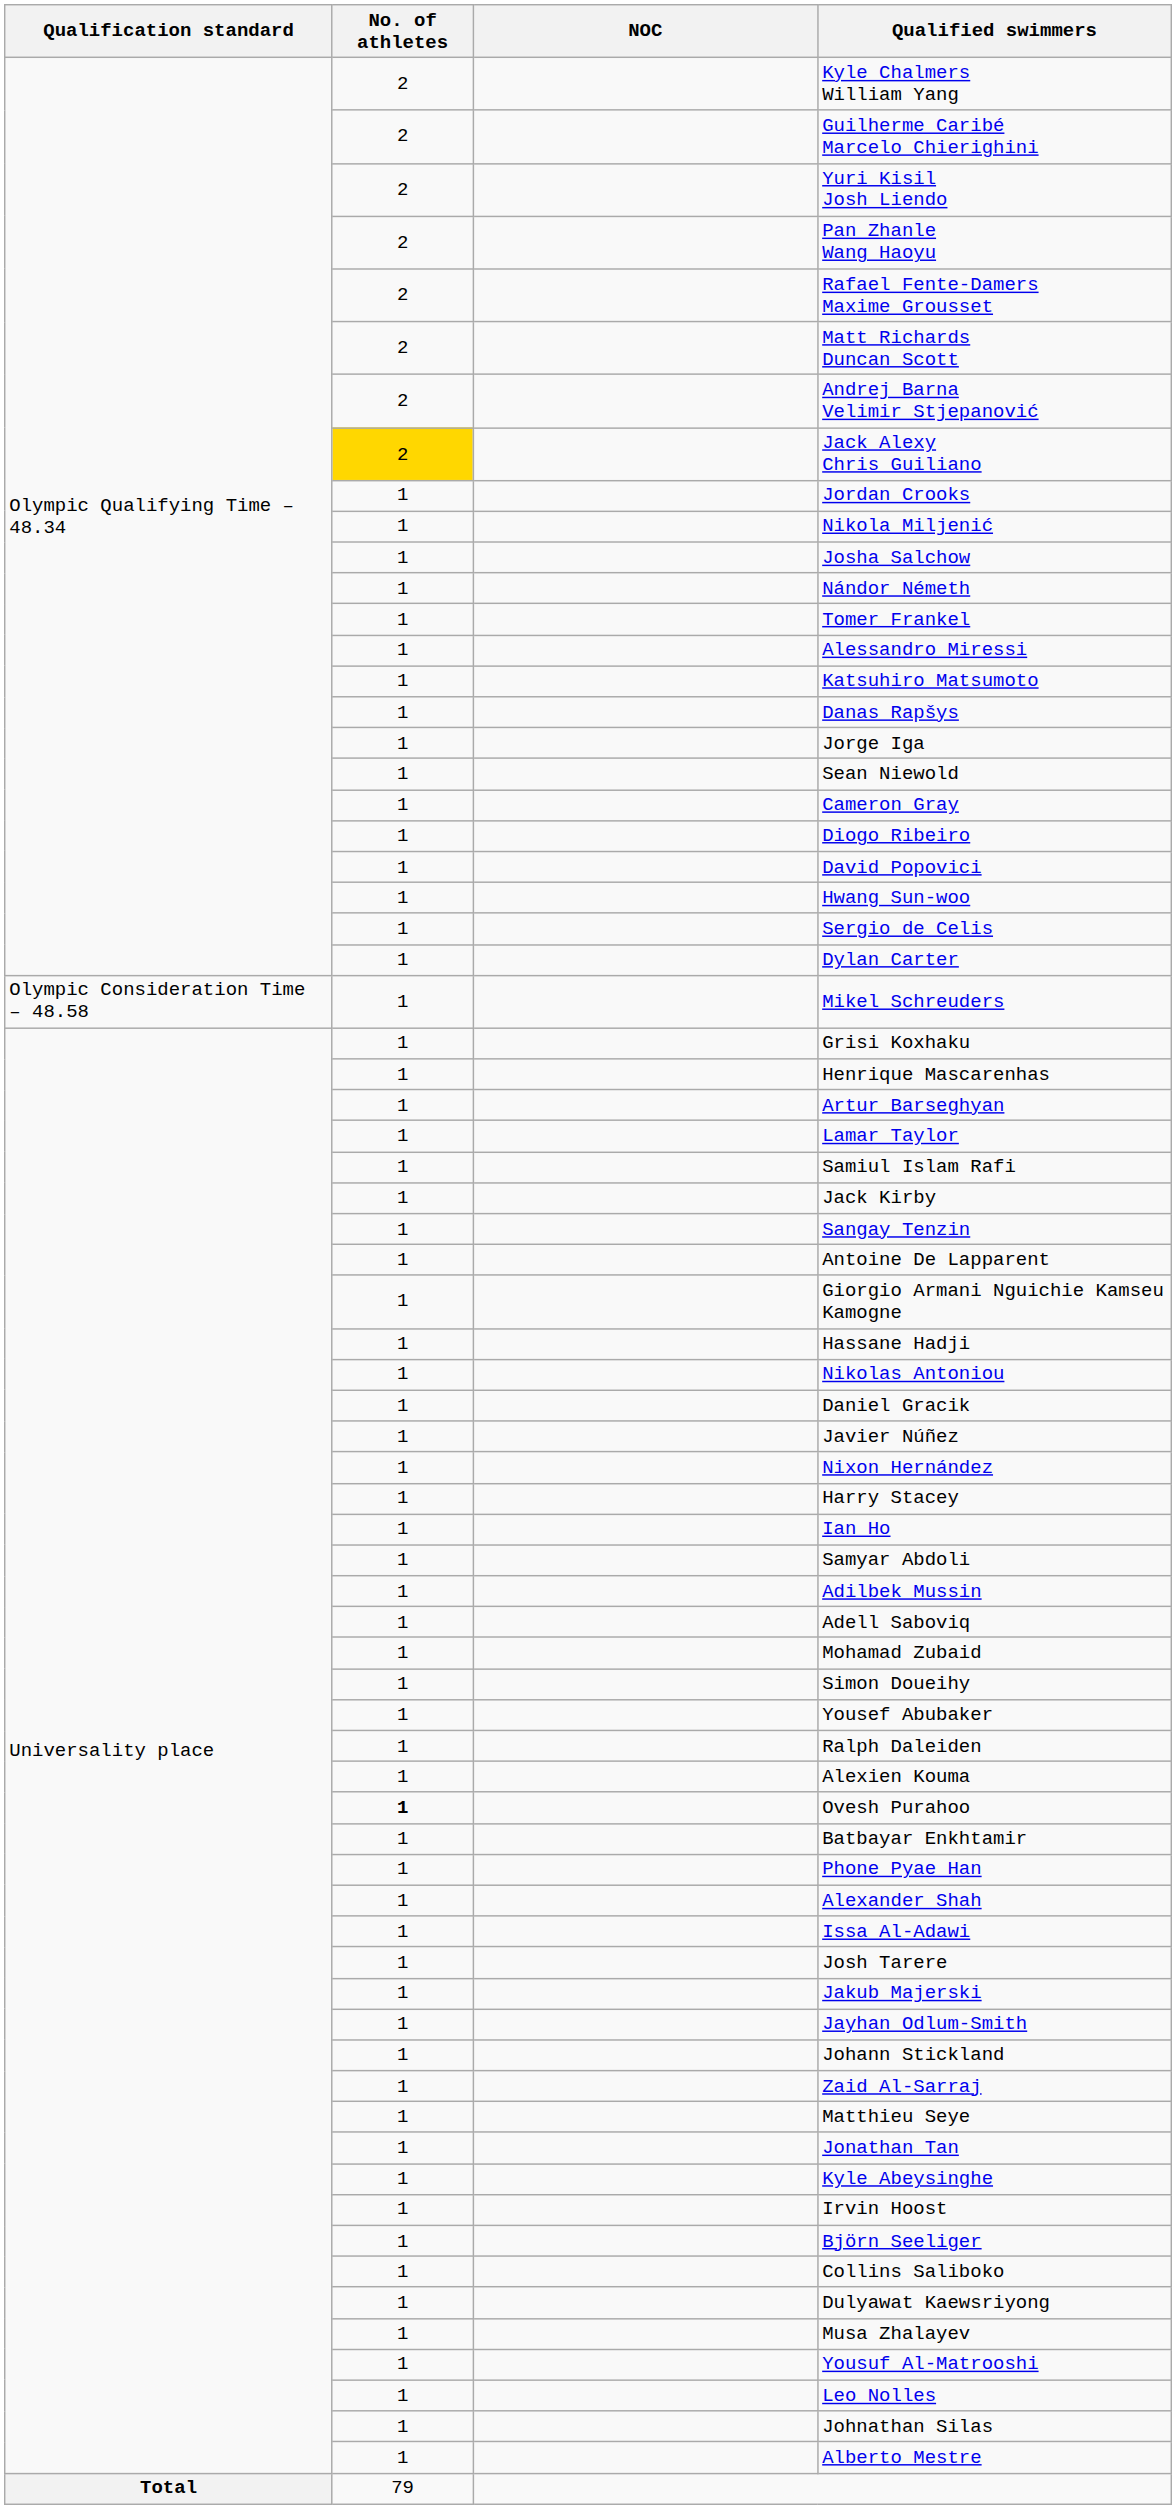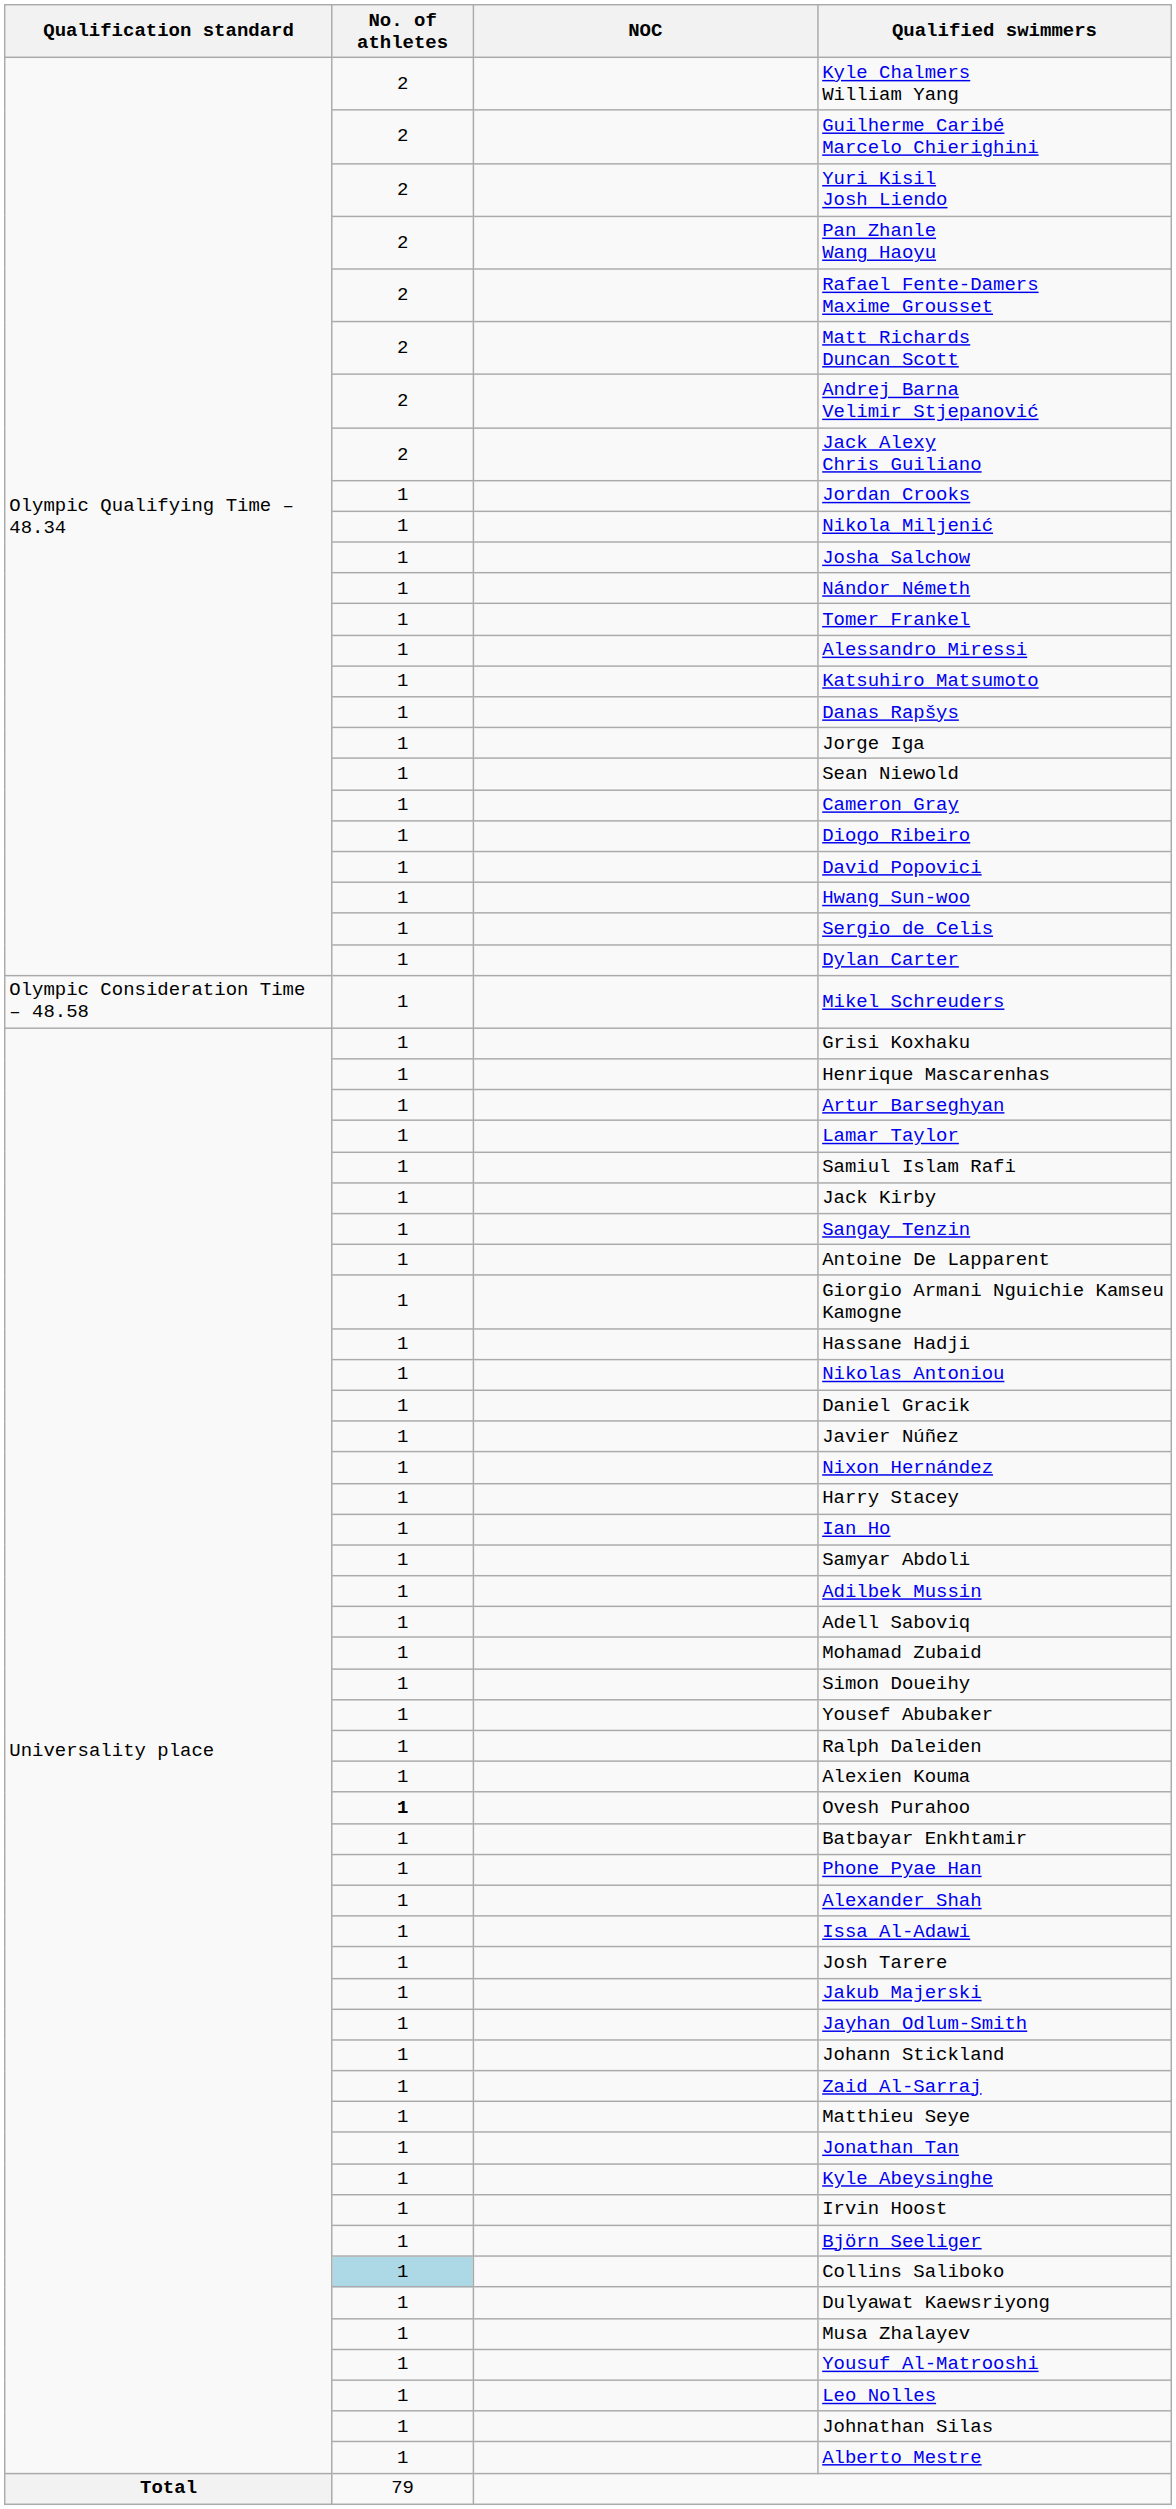 <table class=wikitable style="text-align:left" width=800>
 <tr>
 <th scope="col">Qualification standard</th>
 <th scope="col" width =90>No. of athletes</th>
 <th scope="col" width =230>NOC</th>
 <th scope="col">Qualified swimmers</th>
 </tr>
 <tr>
 <td rowspan=24>Olympic Qualifying Time – 48.34</td>
 <td align=center>2</td>
 <td></td>
 <td><a href='#'>Kyle Chalmers</a><br>William Yang</td>
 </tr>
 <tr>
 <td align=center>2</td>
 <td></td>
 <td><a href='#'>Guilherme Caribé</a><br><a href='#'>Marcelo Chierighini</a></td>
 </tr>
 <tr>
 <td align=center>2</td>
 <td></td>
 <td><a href='#'>Yuri Kisil</a><br><a href='#'>Josh Liendo</a></td>
 </tr>
 <tr>
 <td align=center>2</td>
 <td></td>
 <td><a href='#'>Pan Zhanle</a><br><a href='#'>Wang Haoyu</a></td>
 </tr>
 <tr>
 <td align=center>2</td>
 <td></td>
 <td><a href='#'>Rafael Fente-Damers</a><br><a href='#'>Maxime Grousset</a></td>
 </tr>
 <tr>
 <td align=center>2</td>
 <td></td>
 <td><a href='#'>Matt Richards</a><br><a href='#'>Duncan Scott</a></td>
 </tr>
 <tr>
 <td align=center>2</td>
 <td></td>
 <td><a href='#'>Andrej Barna</a><br><a href='#'>Velimir Stjepanović</a></td>
 </tr>
 <tr>
-<td align=center style="background: gold;">2</td>
+<td align=center>2</td>
 <td></td>
 <td><a href='#'>Jack Alexy</a><br><a href='#'>Chris Guiliano</a></td>
 </tr>
 <tr>
 <td align=center>1</td>
 <td></td>
 <td><a href='#'>Jordan Crooks</a></td>
 </tr>
 <tr>
 <td align=center>1</td>
 <td></td>
 <td><a href='#'>Nikola Miljenić</a></td>
 </tr>
 <tr>
 <td align=center>1</td>
 <td></td>
 <td><a href='#'>Josha Salchow</a></td>
 </tr>
 <tr>
 <td align=center>1</td>
 <td></td>
 <td><a href='#'>Nándor Németh</a></td>
 </tr>
 <tr>
 <td align=center>1</td>
 <td></td>
 <td><a href='#'>Tomer Frankel</a></td>
 </tr>
 <tr>
 <td align=center>1</td>
 <td></td>
 <td><a href='#'>Alessandro Miressi</a></td>
 </tr>
 <tr>
 <td align=center>1</td>
 <td></td>
 <td><a href='#'>Katsuhiro Matsumoto</a></td>
 </tr>
 <tr>
 <td align=center>1</td>
 <td></td>
 <td><a href='#'>Danas Rapšys</a></td>
 </tr>
 <tr>
 <td align=center>1</td>
 <td></td>
 <td>Jorge Iga</td>
 </tr>
 <tr>
 <td align=center>1</td>
 <td></td>
 <td>Sean Niewold</td>
 </tr>
 <tr>
 <td align=center>1</td>
 <td></td>
 <td><a href='#'>Cameron Gray</a></td>
 </tr>
 <tr>
 <td align=center>1</td>
 <td></td>
 <td><a href='#'>Diogo Ribeiro</a></td>
 </tr>
 <tr>
 <td align=center>1</td>
 <td></td>
 <td><a href='#'>David Popovici</a></td>
 </tr>
 <tr>
 <td align=center>1</td>
 <td></td>
 <td><a href='#'>Hwang Sun-woo</a></td>
 </tr>
 <tr>
 <td align=center>1</td>
 <td></td>
 <td><a href='#'>Sergio de Celis</a></td>
 </tr>
 <tr>
 <td align=center>1</td>
 <td></td>
 <td><a href='#'>Dylan Carter</a></td>
 </tr>
 <tr>
 <td>Olympic Consideration Time – 48.58</td>
 <td align=center>1</td>
 <td></td>
 <td><a href='#'>Mikel Schreuders</a></td>
 </tr>
 <tr>
 <td rowspan=46>Universality place</td>
 <td align=center>1</td>
 <td></td>
 <td>Grisi Koxhaku</td>
 </tr>
 <tr>
 <td align=center>1</td>
 <td></td>
 <td>Henrique Mascarenhas</td>
 </tr>
 <tr>
 <td align=center>1</td>
 <td></td>
 <td><a href='#'>Artur Barseghyan</a></td>
 </tr>
 <tr>
 <td align=center>1</td>
 <td></td>
 <td><a href='#'>Lamar Taylor</a></td>
 </tr>
 <tr>
 <td align=center>1</td>
 <td></td>
 <td>Samiul Islam Rafi</td>
 </tr>
 <tr>
 <td align=center>1</td>
 <td></td>
 <td>Jack Kirby</td>
 </tr>
 <tr>
 <td align=center>1</td>
 <td></td>
 <td><a href='#'>Sangay Tenzin</a></td>
 </tr>
 <tr>
 <td align=center>1</td>
 <td></td>
 <td>Antoine De Lapparent</td>
 </tr>
 <tr>
 <td align=center>1</td>
 <td></td>
 <td>Giorgio Armani Nguichie Kamseu Kamogne</td>
 </tr>
 <tr>
 <td align=center>1</td>
 <td></td>
 <td>Hassane Hadji</td>
 </tr>
 <tr>
 <td align=center>1</td>
 <td></td>
 <td><a href='#'>Nikolas Antoniou</a></td>
 </tr>
 <tr>
 <td align=center>1</td>
 <td></td>
 <td>Daniel Gracik</td>
 </tr>
 <tr>
 <td align=center>1</td>
 <td></td>
 <td>Javier Núñez</td>
 </tr>
 <tr>
 <td align=center>1</td>
 <td></td>
 <td><a href='#'>Nixon Hernández</a></td>
 </tr>
 <tr>
 <td align=center>1</td>
 <td></td>
 <td>Harry Stacey</td>
 </tr>
 <tr>
 <td align=center>1</td>
 <td></td>
 <td><a href='#'>Ian Ho</a></td>
 </tr>
 <tr>
 <td align=center>1</td>
 <td></td>
 <td>Samyar Abdoli</td>
 </tr>
 <tr>
 <td align=center>1</td>
 <td></td>
 <td><a href='#'>Adilbek Mussin</a></td>
 </tr>
 <tr>
 <td align=center>1</td>
 <td></td>
 <td>Adell Saboviq</td>
 </tr>
 <tr>
 <td align=center>1</td>
 <td></td>
 <td>Mohamad Zubaid</td>
 </tr>
 <tr>
 <td align=center>1</td>
 <td></td>
 <td>Simon Doueihy</td>
 </tr>
 <tr>
 <td align=center>1</td>
 <td></td>
 <td>Yousef Abubaker</td>
 </tr>
 <tr>
 <td align=center>1</td>
 <td></td>
 <td>Ralph Daleiden</td>
 </tr>
 <tr>
 <td align=center>1</td>
 <td></td>
 <td>Alexien Kouma</td>
 </tr>
 <tr>
 <td align=center><strong>1</strong></td>
 <td></td>
 <td>Ovesh Purahoo</td>
 </tr>
 <tr>
 <td align=center>1</td>
 <td></td>
 <td>Batbayar Enkhtamir</td>
 </tr>
 <tr>
 <td align=center>1</td>
 <td></td>
 <td><a href='#'>Phone Pyae Han</a></td>
 </tr>
 <tr>
 <td align=center>1</td>
 <td></td>
 <td><a href='#'>Alexander Shah</a></td>
 </tr>
 <tr>
 <td align=center>1</td>
 <td></td>
 <td><a href='#'>Issa Al-Adawi</a></td>
 </tr>
 <tr>
 <td align=center>1</td>
 <td></td>
 <td>Josh Tarere</td>
 </tr>
 <tr>
 <td align=center>1</td>
 <td></td>
 <td><a href='#'>Jakub Majerski</a></td>
 </tr>
 <tr>
 <td align=center>1</td>
 <td></td>
 <td><a href='#'>Jayhan Odlum-Smith</a></td>
 </tr>
 <tr>
 <td align=center>1</td>
 <td></td>
 <td>Johann Stickland</td>
 </tr>
 <tr>
 <td align=center>1</td>
 <td></td>
 <td><a href='#'>Zaid Al-Sarraj</a></td>
 </tr>
 <tr>
 <td align=center>1</td>
 <td></td>
 <td>Matthieu Seye</td>
 </tr>
 <tr>
 <td align=center>1</td>
 <td></td>
 <td><a href='#'>Jonathan Tan</a></td>
 </tr>
 <tr>
 <td align=center>1</td>
 <td></td>
 <td><a href='#'>Kyle Abeysinghe</a></td>
 </tr>
 <tr>
 <td align=center>1</td>
 <td></td>
 <td>Irvin Hoost</td>
 </tr>
 <tr>
 <td align=center>1</td>
 <td></td>
 <td><a href='#'>Björn Seeliger</a></td>
 </tr>
 <tr>
-<td align=center>1</td>
+<td align=center style="background: lightblue;">1</td>
 <td></td>
 <td>Collins Saliboko</td>
 </tr>
 <tr>
 <td align=center>1</td>
 <td></td>
 <td>Dulyawat Kaewsriyong</td>
 </tr>
 <tr>
 <td align=center>1</td>
 <td></td>
 <td>Musa Zhalayev</td>
 </tr>
 <tr>
 <td align=center>1</td>
 <td></td>
 <td><a href='#'>Yousuf Al-Matrooshi</a></td>
 </tr>
 <tr>
 <td align=center>1</td>
 <td></td>
 <td><a href='#'>Leo Nolles</a></td>
 </tr>
 <tr>
 <td align=center>1</td>
 <td></td>
 <td>Johnathan Silas</td>
 </tr>
 <tr>
 <td align=center>1</td>
 <td></td>
 <td><a href='#'>Alberto Mestre</a></td>
 </tr>
 <tr>
 <th scope="row">Total</th>
 <td align=center>79</td>
 <td colspan=2></td>
 </tr>
 </table>
